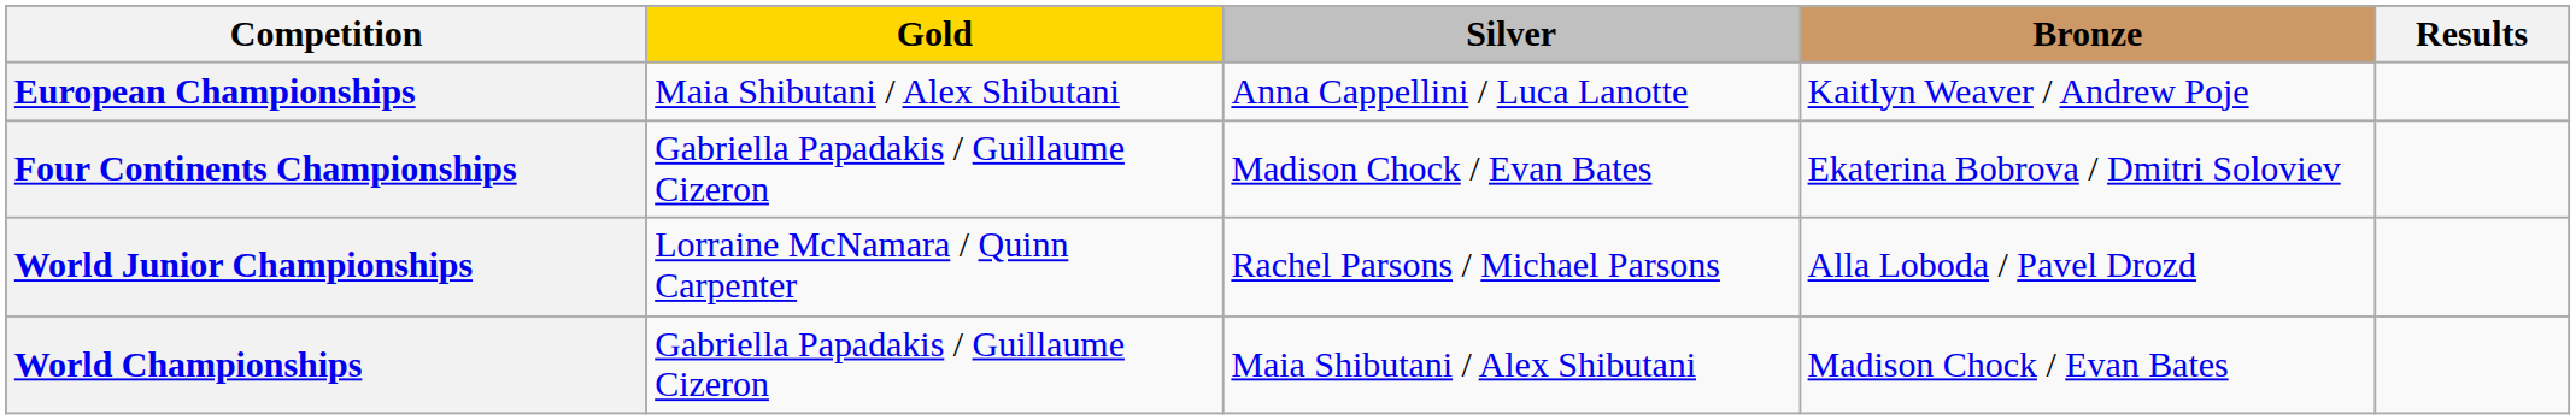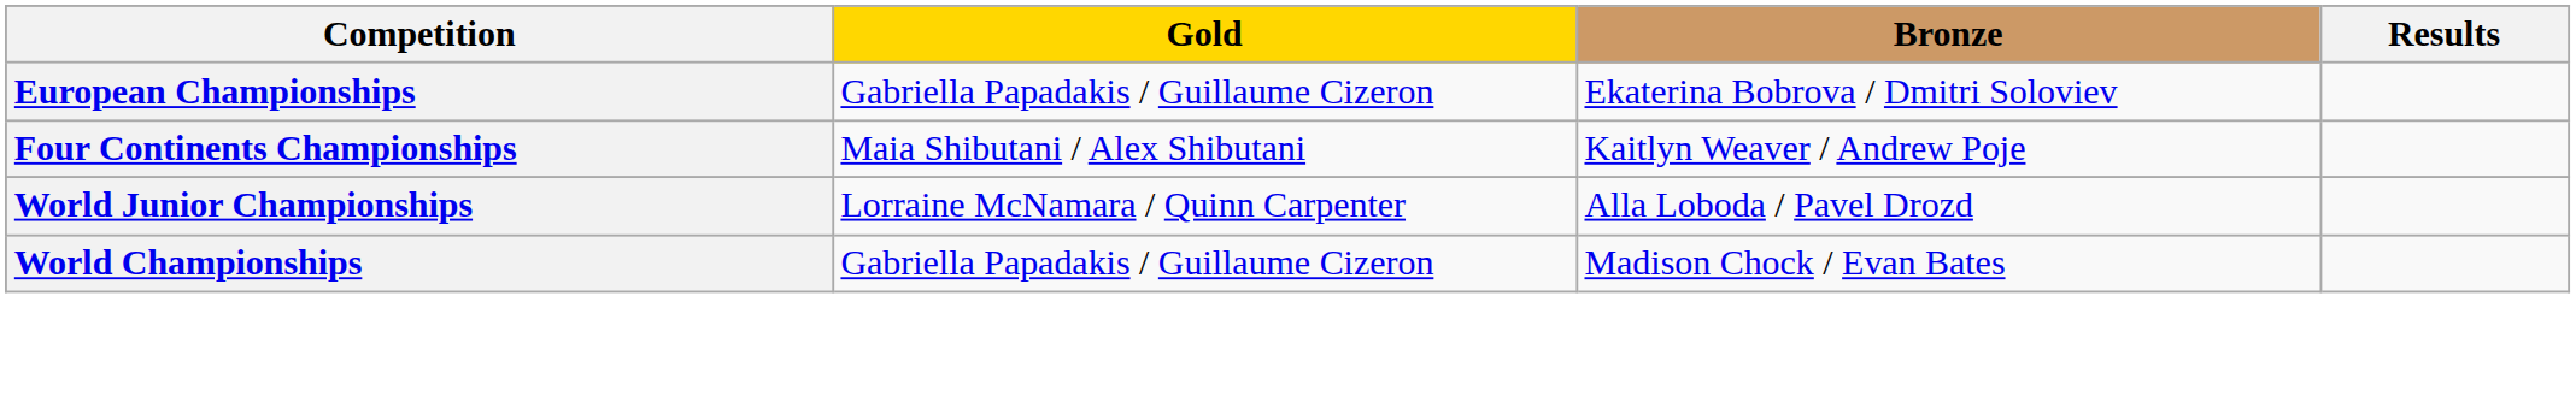 <table class="wikitable unsortable" style="text-align:left; width:90%">
 <tr>
 <th scope="col" style="text-align:center; width:25%;">Competition</th>
 <td scope="col" style="text-align:center; width:22.5%; background:gold"><strong>Gold</strong></td>
-<td scope="col" style="text-align:center; width:22.5%; background:silver"><strong>Silver</strong></td>
 <td scope="col" style="text-align:center; width:22.5%; background:#c96"><strong>Bronze</strong></td>
 <th scope="col" style="text-align:center; width:7.5%;">Results</th>
 </tr>
 <tr>
 <th scope="row" style="text-align:left"> <a href='#'>European Championships</a></th>
-<td> <a href='#'>Maia Shibutani</a> / <a href='#'>Alex Shibutani</a></td>
-<td> <a href='#'>Anna Cappellini</a> / <a href='#'>Luca Lanotte</a></td>
-<td> <a href='#'>Kaitlyn Weaver</a> / <a href='#'>Andrew Poje</a></td>
+<td> <a href='#'>Gabriella Papadakis</a> / <a href='#'>Guillaume Cizeron</a></td>
+<td> <a href='#'>Ekaterina Bobrova</a> / <a href='#'>Dmitri Soloviev</a></td>
 <td></td>
 </tr>
 <tr>
 <th scope="row" style="text-align:left"> <a href='#'>Four Continents Championships</a></th>
-<td> <a href='#'>Gabriella Papadakis</a> / <a href='#'>Guillaume Cizeron</a></td>
-<td> <a href='#'>Madison Chock</a> / <a href='#'>Evan Bates</a></td>
-<td> <a href='#'>Ekaterina Bobrova</a> / <a href='#'>Dmitri Soloviev</a></td>
+<td> <a href='#'>Maia Shibutani</a> / <a href='#'>Alex Shibutani</a></td>
+<td> <a href='#'>Kaitlyn Weaver</a> / <a href='#'>Andrew Poje</a></td>
 <td></td>
 </tr>
 <tr>
 <th scope="row" style="text-align:left"> <a href='#'>World Junior Championships</a></th>
 <td> <a href='#'>Lorraine McNamara</a> / <a href='#'>Quinn Carpenter</a></td>
-<td> <a href='#'>Rachel Parsons</a> / <a href='#'>Michael Parsons</a></td>
 <td> <a href='#'>Alla Loboda</a> / <a href='#'>Pavel Drozd</a></td>
 <td></td>
 </tr>
 <tr>
 <th scope="row" style="text-align:left"> <a href='#'>World Championships</a></th>
 <td> <a href='#'>Gabriella Papadakis</a> / <a href='#'>Guillaume Cizeron</a></td>
-<td> <a href='#'>Maia Shibutani</a> / <a href='#'>Alex Shibutani</a></td>
 <td> <a href='#'>Madison Chock</a> / <a href='#'>Evan Bates</a></td>
 <td></td>
 </tr>
 </table>
